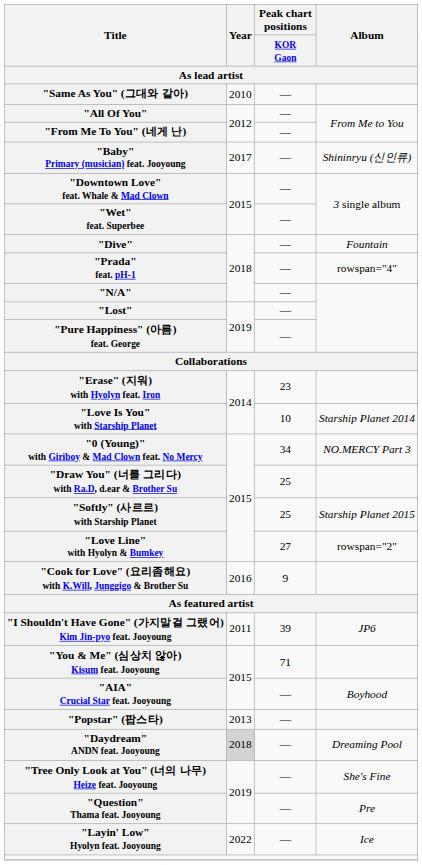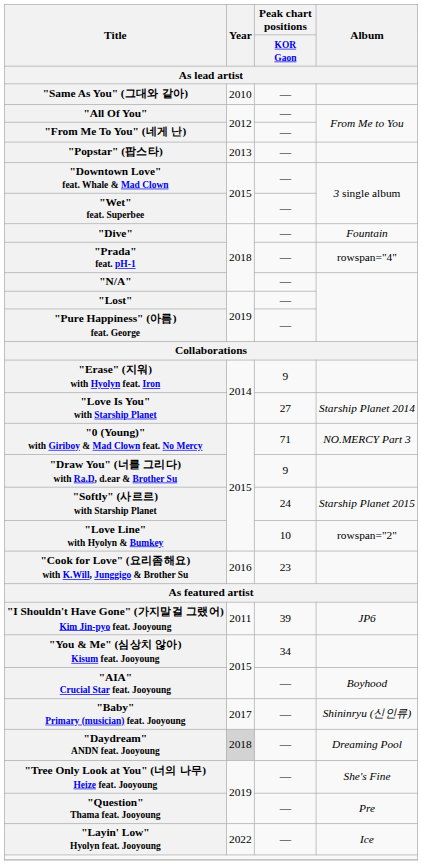 <table class="wikitable plainrowheaders" style="text-align:center;">
 <tr>
 <th rowspan="2" scope="col">Title</th>
 <th rowspan="2" scope="col">Year</th>
 <th colspan="1" scope="col" style="width:5em;">Peak chart positions</th>
 <th rowspan="2" scope="col">Album</th>
 </tr>
 <tr>
 <th><small><a href='#'>KOR<br>Gaon</a></small><br></th>
 </tr>
 <tr>
 <th colspan="4">As lead artist</th>
 </tr>
 <tr>
 <th scope="row">"Same As You" (그대와 같아)</th>
 <td>2010</td>
 <td>—</td>
 <td></td>
 </tr>
 <tr>
 <th scope="row">"All Of You"</th>
 <td rowspan="2">2012</td>
 <td>—</td>
 <td rowspan="2"><em>From Me to You</em></td>
 </tr>
 <tr>
 <th scope="row">"From Me To You" (네게 난)</th>
 <td>—</td>
 </tr>
 <tr>
-<th scope="row">"Baby" <br><small><a href='#'>Primary (musician)</a> feat. Jooyoung</small></th>
-<td>2017</td>
+<th scope="row">"Popstar" (팝스타)</th>
+<td>2013</td>
 <td>—</td>
-<td><em>Shininryu (신인류)</em></td>
+<td></td>
 </tr>
 <tr>
 <th scope="row">"Downtown Love" <br><small>feat. Whale & <a href='#'>Mad Clown</a></small></th>
 <td rowspan="2">2015</td>
 <td>—</td>
 <td rowspan="2"><em>3</em> single album</td>
 </tr>
 <tr>
 <th scope="row">"Wet" <br><small>feat. Superbee</small></th>
 <td>—</td>
 </tr>
 <tr>
 <th scope="row">"Dive"</th>
 <td rowspan="3">2018</td>
 <td>—</td>
 <td><em>Fountain</em></td>
 </tr>
 <tr>
 <th scope="row">"Prada"<br><small>feat. <a href='#'>pH-1</a></small></th>
 <td>—</td>
 <td>rowspan="4" </td>
 </tr>
 <tr>
 <th scope="row">"N/A"</th>
 <td>—</td>
 </tr>
 <tr>
 <th scope="row">"Lost"</th>
 <td rowspan="2">2019</td>
 <td>—</td>
 </tr>
 <tr>
 <th scope="row">"Pure Happiness" (아름)<br><small>feat. George</small></th>
 <td>—</td>
 </tr>
 <tr>
 <th colspan="4">Collaborations</th>
 </tr>
 <tr>
 <th scope="row">"Erase" (지워)<br><small>with <a href='#'>Hyolyn</a> feat. <a href='#'>Iron</a></small></th>
 <td rowspan="2">2014</td>
-<td>23</td>
+<td>9</td>
 <td></td>
 </tr>
 <tr>
 <th scope="row">"Love Is You" <br><small>with <a href='#'>Starship Planet</a></small></th>
-<td>10</td>
+<td>27</td>
 <td><em>Starship Planet 2014</em></td>
 </tr>
 <tr>
 <th scope="row">"0 (Young)"<br><small>with <a href='#'>Giriboy</a> & <a href='#'>Mad Clown</a> feat. <a href='#'>No Mercy</a></small></th>
 <td rowspan="4">2015</td>
-<td>34</td>
+<td>71</td>
 <td><em>NO.MERCY Part 3</em></td>
 </tr>
 <tr>
 <th scope="row">"Draw You" (너를 그리다)<br><small>with <a href='#'>Ra.D</a>, d.ear & <a href='#'>Brother Su</a></small></th>
-<td>25</td>
+<td>9</td>
 <td></td>
 </tr>
 <tr>
 <th scope="row">"Softly" (사르르)<br><small>with Starship Planet</small></th>
-<td>25</td>
+<td>24</td>
 <td><em>Starship Planet 2015</em></td>
 </tr>
 <tr>
 <th scope="row">"Love Line"<br><small>with Hyolyn & <a href='#'>Bumkey</a></small></th>
-<td>27</td>
+<td>10</td>
 <td>rowspan="2" </td>
 </tr>
 <tr>
 <th scope="row">"Cook for Love" (요리좀해요)<br><small>with <a href='#'>K.Will</a>, <a href='#'>Junggigo</a> & Brother Su</small></th>
 <td>2016</td>
-<td>9</td>
+<td>23</td>
 </tr>
 <tr>
 <th colspan="4">As featured artist</th>
 </tr>
 <tr>
 <th scope="row">"I Shouldn't Have Gone" (가지말걸 그랬어)<br><small><a href='#'>Kim Jin-pyo</a> feat. Jooyoung</small></th>
 <td>2011</td>
 <td>39</td>
 <td><em>JP6</em></td>
 </tr>
 <tr>
 <th scope="row">"You & Me" (심상치 않아)<br><small><a href='#'>Kisum</a> feat. Jooyoung</small></th>
 <td rowspan="2">2015</td>
-<td>71</td>
+<td>34</td>
 <td></td>
 </tr>
 <tr>
 <th scope="row">"AIA"<br><small><a href='#'>Crucial Star</a> feat. Jooyoung</small></th>
 <td>—</td>
 <td><em>Boyhood</em></td>
 </tr>
 <tr>
-<th scope="row">"Popstar" (팝스타)</th>
-<td>2013</td>
+<th scope="row">"Baby" <br><small><a href='#'>Primary (musician)</a> feat. Jooyoung</small></th>
+<td>2017</td>
 <td>—</td>
-<td></td>
+<td><em>Shininryu (신인류)</em></td>
 </tr>
 <tr>
 <th scope="row">"Daydream" <br><small> ANDN feat. Jooyoung</small></th>
 <td style="background: lightgrey;">2018</td>
 <td>—</td>
 <td><em>Dreaming Pool</em></td>
 </tr>
 <tr>
 <th scope="row">"Tree Only Look at You" (너의 나무)<br><small><a href='#'>Heize</a> feat. Jooyoung</small></th>
 <td rowspan="2">2019</td>
 <td>—</td>
 <td><em>She's Fine</em></td>
 </tr>
 <tr>
 <th scope="row">"Question" <br><small> Thama feat. Jooyoung</small></th>
 <td>—</td>
 <td><em>Pre</em></td>
 </tr>
 <tr>
 <th scope="row">"Layin' Low" <br><small>Hyolyn feat. Jooyoung</small></th>
 <td>2022</td>
 <td>—</td>
 <td><em>Ice</em></td>
 </tr>
 <tr>
 <td colspan="4"></td>
 </tr>
 <tr>
 </tr>
 </table>
